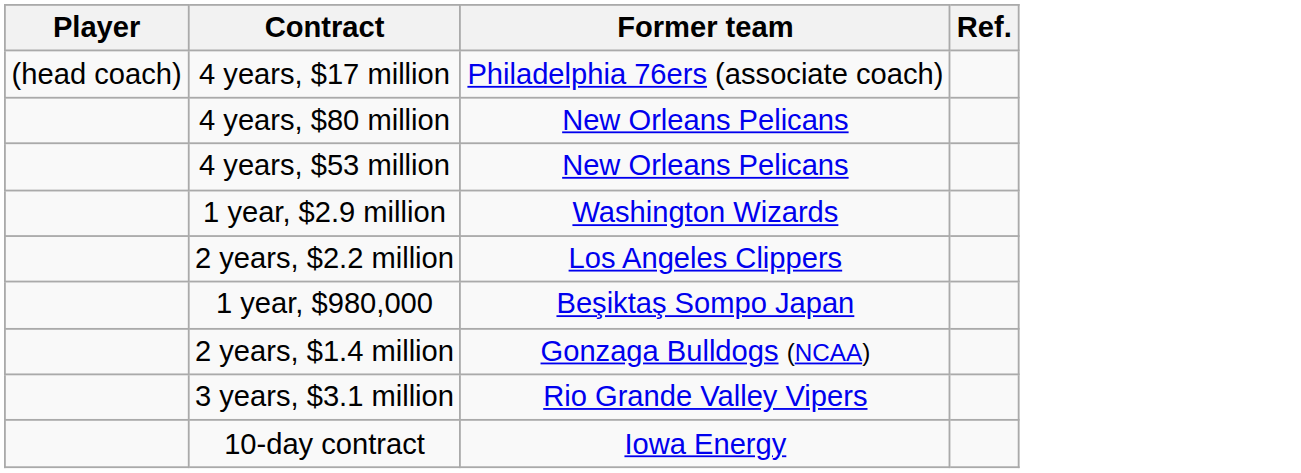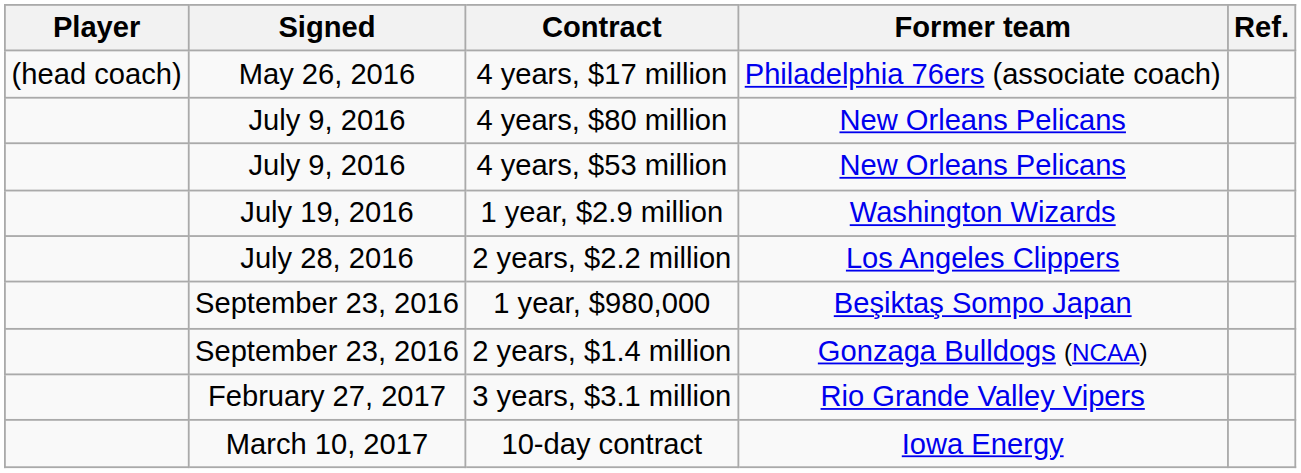 <table class="wikitable sortable sortable" style="text-align: center;">
 <tr>
 <th>Player</th>
+<th>Signed</th>
 <th>Contract</th>
 <th>Former team</th>
 <th>Ref.</th>
 </tr>
 <tr>
 <td> (head coach)</td>
+<td>May 26, 2016</td>
 <td>4 years, $17 million</td>
 <td><a href='#'>Philadelphia 76ers</a> (associate coach)</td>
 <td></td>
 </tr>
 <tr>
 <td></td>
+<td>July 9, 2016</td>
 <td>4 years, $80 million</td>
 <td><a href='#'>New Orleans Pelicans</a></td>
 <td></td>
 </tr>
 <tr>
 <td></td>
+<td>July 9, 2016</td>
 <td>4 years, $53 million</td>
 <td><a href='#'>New Orleans Pelicans</a></td>
 <td></td>
 </tr>
 <tr>
 <td></td>
+<td>July 19, 2016</td>
 <td>1 year, $2.9 million</td>
 <td><a href='#'>Washington Wizards</a></td>
 <td></td>
 </tr>
 <tr>
 <td></td>
+<td>July 28, 2016</td>
 <td>2 years, $2.2 million</td>
 <td><a href='#'>Los Angeles Clippers</a></td>
 <td></td>
 </tr>
 <tr>
 <td></td>
+<td>September 23, 2016</td>
 <td>1 year, $980,000</td>
 <td> <a href='#'>Beşiktaş Sompo Japan</a></td>
 <td></td>
 </tr>
 <tr>
 <td></td>
+<td>September 23, 2016</td>
 <td>2 years, $1.4 million</td>
 <td><a href='#'>Gonzaga Bulldogs</a> <small>(<a href='#'>NCAA</a>)</small></td>
 <td></td>
 </tr>
 <tr>
 <td></td>
+<td>February 27, 2017</td>
 <td>3 years, $3.1 million</td>
 <td><a href='#'>Rio Grande Valley Vipers</a></td>
 <td></td>
 </tr>
 <tr>
 <td></td>
+<td>March 10, 2017</td>
 <td>10-day contract</td>
 <td><a href='#'>Iowa Energy</a></td>
 <td></td>
 </tr>
 </table>
